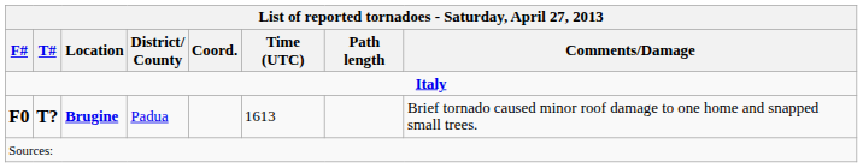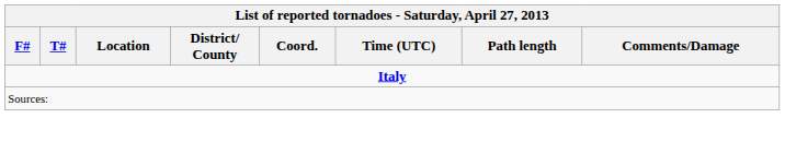 <table class="wikitable collapsible" width="100%">
 <tr>
 <th colspan="8">List of reported tornadoes - Saturday, April 27, 2013</th>
 </tr>
 <tr>
 <th><a href='#'>F#</a></th>
 <th><a href='#'>T#</a></th>
 <th>Location</th>
 <th>District/<br>County</th>
 <th>Coord.</th>
 <th>Time (UTC)</th>
 <th>Path length</th>
 <th>Comments/Damage</th>
 </tr>
 <tr>
 <td colspan="8" align=center><strong><a href='#'>Italy</a></strong></td>
 </tr>
 <tr>
-<td><big><strong>F0</strong></big></td>
-<td><big><strong>T?</strong></big></td>
-<td><strong><a href='#'>Brugine</a></strong></td>
-<td><a href='#'>Padua</a></td>
-<td></td>
-<td>1613</td>
-<td></td>
-<td>Brief tornado caused minor roof damage to one home and snapped small trees.</td>
-</tr>
-<tr>
 <td colspan="8"><small>Sources:  </small></td>
 </tr>
 </table>
